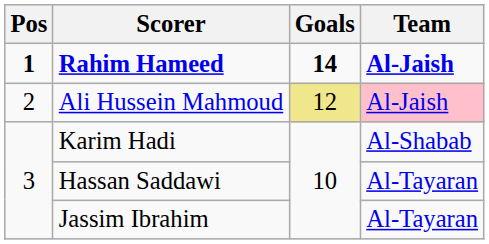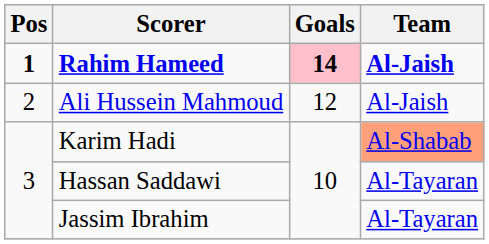 <table class="wikitable">
 <tr>
 <th>Pos</th>
 <th>Scorer</th>
 <th>Goals</th>
 <th>Team</th>
 </tr>
 <tr>
 <td align=center><strong>1</strong></td>
 <td><strong><a href='#'>Rahim Hameed</a></strong></td>
-<td align=center><strong>14</strong></td>
+<td align=center style="background: pink;"><strong>14</strong></td>
 <td><strong><a href='#'>Al-Jaish</a></strong></td>
 </tr>
 <tr>
 <td align=center>2</td>
 <td><a href='#'>Ali Hussein Mahmoud</a></td>
-<td align=center style="background: khaki;">12</td>
-<td style="background: pink;"><a href='#'>Al-Jaish</a></td>
+<td align=center>12</td>
+<td><a href='#'>Al-Jaish</a></td>
 </tr>
 <tr>
 <td rowspan=3 align=center>3</td>
 <td>Karim Hadi</td>
 <td rowspan=3 align=center>10</td>
-<td><a href='#'>Al-Shabab</a></td>
+<td style="background: lightsalmon;"><a href='#'>Al-Shabab</a></td>
 </tr>
 <tr>
 <td>Hassan Saddawi</td>
 <td><a href='#'>Al-Tayaran</a></td>
 </tr>
 <tr>
 <td>Jassim Ibrahim</td>
 <td><a href='#'>Al-Tayaran</a></td>
 </tr>
 </table>
